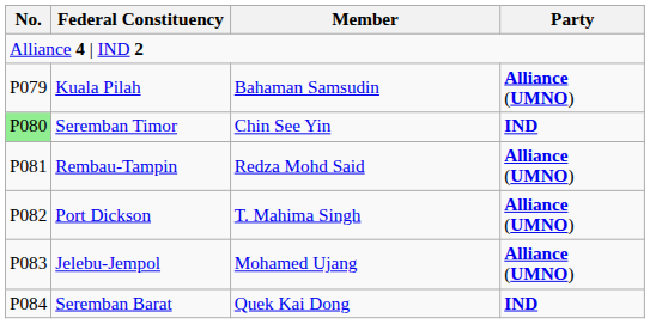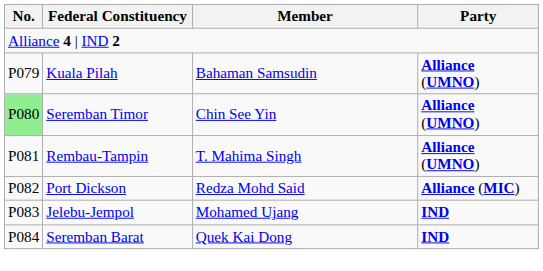 <table class="wikitable sortable">
 <tr>
 <th style="width:30px;">No.</th>
 <th style="width:150px;">Federal Constituency</th>
 <th style="width:230px;">Member</th>
 <th style="width:120px;">Party</th>
 </tr>
 <tr>
 <td colspan="4"><a href='#'>Alliance</a> <strong>4</strong> | <a href='#'>IND</a> <strong>2</strong></td>
 </tr>
 <tr>
 <td>P079</td>
 <td><a href='#'>Kuala Pilah</a></td>
 <td><a href='#'>Bahaman Samsudin</a></td>
 <td><strong><a href='#'>Alliance</a></strong> (<strong><a href='#'>UMNO</a></strong>)</td>
 </tr>
 <tr>
 <td style="background: lightgreen;">P080</td>
 <td><a href='#'>Seremban Timor</a></td>
 <td><a href='#'>Chin See Yin</a></td>
-<td><strong><a href='#'>IND</a></strong></td>
+<td><strong><a href='#'>Alliance</a></strong> (<strong><a href='#'>UMNO</a></strong>)</td>
 </tr>
 <tr>
 <td>P081</td>
 <td><a href='#'>Rembau-Tampin</a></td>
-<td><a href='#'>Redza Mohd Said</a></td>
+<td><a href='#'>T. Mahima Singh</a></td>
 <td><strong><a href='#'>Alliance</a></strong> (<strong><a href='#'>UMNO</a></strong>)</td>
 </tr>
 <tr>
 <td>P082</td>
 <td><a href='#'>Port Dickson</a></td>
-<td><a href='#'>T. Mahima Singh</a></td>
-<td><strong><a href='#'>Alliance</a></strong> (<strong><a href='#'>UMNO</a></strong>)</td>
+<td><a href='#'>Redza Mohd Said</a></td>
+<td><strong><a href='#'>Alliance</a></strong> (<strong><a href='#'>MIC</a></strong>)</td>
 </tr>
 <tr>
 <td>P083</td>
 <td><a href='#'>Jelebu-Jempol</a></td>
 <td><a href='#'>Mohamed Ujang</a></td>
-<td><strong><a href='#'>Alliance</a></strong> (<strong><a href='#'>UMNO</a></strong>)</td>
+<td><strong><a href='#'>IND</a></strong></td>
 </tr>
 <tr>
 <td>P084</td>
 <td><a href='#'>Seremban Barat</a></td>
 <td><a href='#'>Quek Kai Dong</a></td>
 <td><strong><a href='#'>IND</a></strong></td>
 </tr>
 </table>
